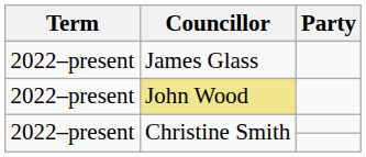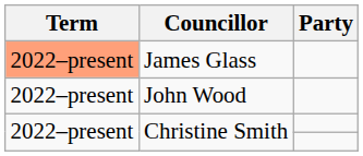 <table class="wikitable">
 <tr>
 <th>Term</th>
 <th>Councillor</th>
 <th colspan=2>Party</th>
 </tr>
 <tr>
-<td>2022–present</td>
+<td style="background: lightsalmon;">2022–present</td>
 <td>James Glass</td>
 <td></td>
 </tr>
 <tr>
 <td>2022–present</td>
-<td style="background: khaki;">John Wood</td>
+<td>John Wood</td>
 <td></td>
 </tr>
 <tr>
 <td rowspan=2>2022–present</td>
 <td rowspan=2>Christine Smith</td>
 <td></td>
 </tr>
 <tr>
 <td></td>
 </tr>
 </table>
